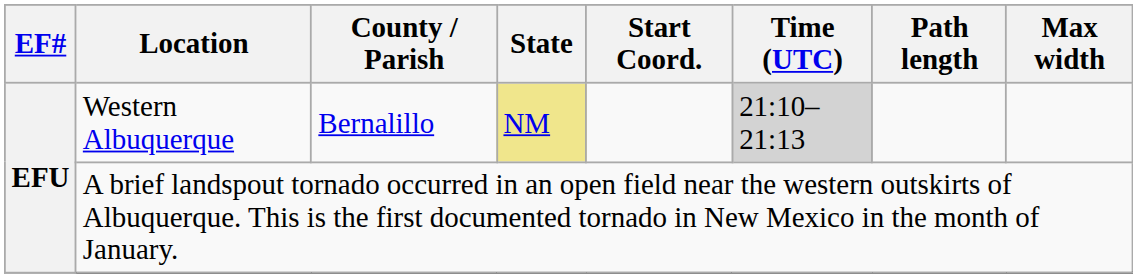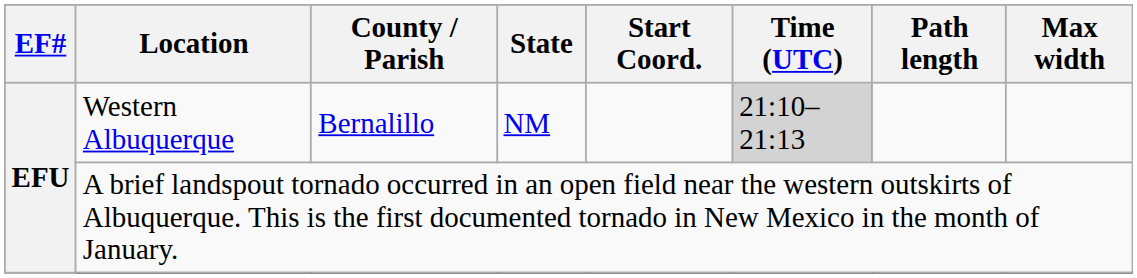 <table class="wikitable sortable" style="width:100%;">
 <tr>
 <th scope="col" width="2%" align="center"><a href='#'>EF#</a></th>
 <th scope="col" align="center" class="unsortable">Location</th>
 <th scope="col" align="center" class="unsortable">County / Parish</th>
 <th scope="col" align="center">State</th>
 <th scope="col" align="center">Start Coord.</th>
 <th scope="col" align="center">Time (<a href='#'>UTC</a>)</th>
 <th scope="col" align="center">Path length</th>
 <th scope="col" align="center">Max width</th>
 </tr>
 <tr>
 <th scope="row" rowspan="2" style="background-color:#">EFU</th>
 <td>Western <a href='#'>Albuquerque</a></td>
 <td><a href='#'>Bernalillo</a></td>
-<td style="background: khaki;"><a href='#'>NM</a></td>
+<td><a href='#'>NM</a></td>
 <td></td>
 <td style="background: lightgrey;">21:10–21:13</td>
 <td></td>
 <td></td>
 </tr>
 <tr class="expand-child">
 <td colspan="8" style=" border-bottom: 1px solid black;">A brief landspout tornado occurred in an open field near the western outskirts of Albuquerque. This is the first documented tornado in New Mexico in the month of January.</td>
 </tr>
 <tr>
 </tr>
 </table>
